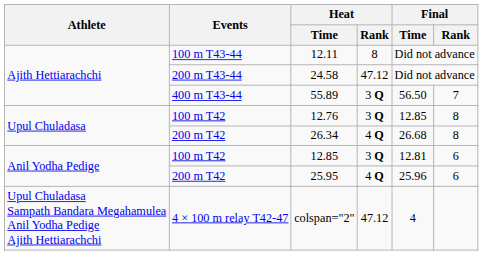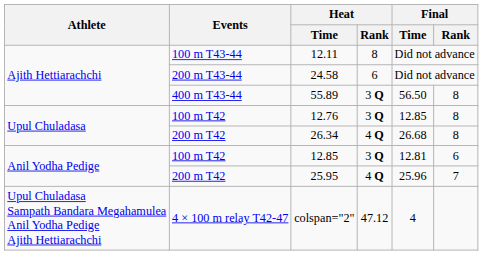 <table class=wikitable style="font-size:90%">
 <tr>
 <th rowspan="2">Athlete</th>
 <th rowspan="2">Events</th>
 <th colspan="2">Heat</th>
 <th colspan="2">Final</th>
 </tr>
 <tr>
 <th>Time</th>
 <th>Rank</th>
 <th>Time</th>
 <th>Rank</th>
 </tr>
 <tr align=center>
 <td align=left rowspan=3><a href='#'>Ajith Hettiarachchi</a></td>
 <td align=left><a href='#'>100 m T43-44</a></td>
 <td>12.11</td>
 <td>8</td>
 <td colspan=2>Did not advance</td>
 </tr>
 <tr align=center>
 <td align=left><a href='#'>200 m T43-44</a></td>
 <td>24.58</td>
-<td>47.12</td>
+<td>6</td>
 <td colspan=2>Did not advance</td>
 </tr>
 <tr align=center>
 <td align=left><a href='#'>400 m T43-44</a></td>
 <td>55.89</td>
 <td>3 <strong>Q</strong></td>
 <td>56.50</td>
-<td>7</td>
+<td>8</td>
 </tr>
 <tr align=center>
 <td align=left rowspan=2><a href='#'>Upul Chuladasa</a></td>
 <td align=left><a href='#'>100 m T42</a></td>
 <td>12.76</td>
 <td>3 <strong>Q</strong></td>
 <td>12.85</td>
 <td>8</td>
 </tr>
 <tr align=center>
 <td align=left><a href='#'>200 m T42</a></td>
 <td>26.34</td>
 <td>4 <strong>Q</strong></td>
 <td>26.68</td>
 <td>8</td>
 </tr>
 <tr align=center>
 <td align=left rowspan=2><a href='#'>Anil Yodha Pedige</a></td>
 <td align=left><a href='#'>100 m T42</a></td>
 <td>12.85</td>
 <td>3 <strong>Q</strong></td>
 <td>12.81</td>
 <td>6</td>
 </tr>
 <tr align=center>
 <td align=left><a href='#'>200 m T42</a></td>
 <td>25.95</td>
 <td>4 <strong>Q</strong></td>
 <td>25.96</td>
-<td>6</td>
+<td>7</td>
 </tr>
 <tr align=center>
 <td align=left><a href='#'>Upul Chuladasa</a><br><a href='#'>Sampath Bandara Megahamulea</a><br><a href='#'>Anil Yodha Pedige</a><br><a href='#'>Ajith Hettiarachchi</a></td>
 <td align=left><a href='#'>4 × 100 m relay T42-47</a></td>
 <td>colspan="2" </td>
 <td>47.12</td>
 <td>4</td>
 </tr>
 </table>
